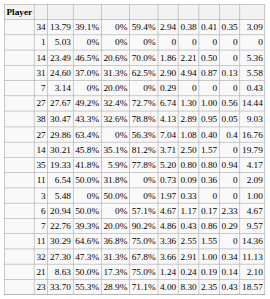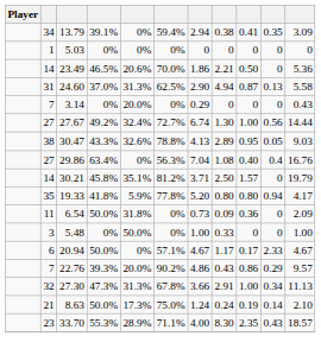 <table class="wikitable sortable" style="font-size:95%; text-align:right;">
 <tr>
 <th>Player</th>
 <th></th>
 <th></th>
 <th></th>
 <th></th>
 <th></th>
 <th></th>
 <th></th>
 <th></th>
 <th></th>
 <th></th>
 </tr>
 <tr>
 <td></td>
 <td>34</td>
 <td>13.79</td>
 <td>39.1%</td>
 <td>0%</td>
 <td>59.4%</td>
 <td>2.94</td>
 <td>0.38</td>
 <td>0.41</td>
 <td>0.35</td>
 <td>3.09</td>
 </tr>
 <tr>
 <td></td>
 <td>1</td>
 <td>5.03</td>
 <td>0%</td>
 <td>0%</td>
 <td>0%</td>
 <td>0</td>
 <td>0</td>
 <td>0</td>
 <td>0</td>
 <td>0</td>
 </tr>
 <tr>
 <td></td>
 <td>14</td>
 <td>23.49</td>
 <td>46.5%</td>
 <td>20.6%</td>
 <td>70.0%</td>
 <td>1.86</td>
 <td>2.21</td>
 <td>0.50</td>
 <td>0</td>
 <td>5.36</td>
 </tr>
 <tr>
 <td></td>
 <td>31</td>
 <td>24.60</td>
 <td>37.0%</td>
 <td>31.3%</td>
 <td>62.5%</td>
 <td>2.90</td>
 <td>4.94</td>
 <td>0.87</td>
 <td>0.13</td>
 <td>5.58</td>
 </tr>
 <tr>
 <td></td>
 <td>7</td>
 <td>3.14</td>
 <td>0%</td>
 <td>20.0%</td>
 <td>0%</td>
 <td>0.29</td>
 <td>0</td>
 <td>0</td>
 <td>0</td>
 <td>0.43</td>
 </tr>
 <tr>
 <td></td>
 <td>27</td>
 <td>27.67</td>
 <td>49.2%</td>
 <td>32.4%</td>
 <td>72.7%</td>
 <td>6.74</td>
 <td>1.30</td>
 <td>1.00</td>
 <td>0.56</td>
 <td>14.44</td>
 </tr>
 <tr>
 <td></td>
 <td>38</td>
 <td>30.47</td>
 <td>43.3%</td>
 <td>32.6%</td>
 <td>78.8%</td>
 <td>4.13</td>
 <td>2.89</td>
 <td>0.95</td>
 <td>0.05</td>
 <td>9.03</td>
 </tr>
 <tr>
 <td></td>
 <td>27</td>
 <td>29.86</td>
 <td>63.4%</td>
 <td>0%</td>
 <td>56.3%</td>
 <td>7.04</td>
 <td>1.08</td>
 <td>0.40</td>
 <td>0.4</td>
 <td>16.76</td>
 </tr>
 <tr>
 <td></td>
 <td>14</td>
 <td>30.21</td>
 <td>45.8%</td>
 <td>35.1%</td>
 <td>81.2%</td>
 <td>3.71</td>
 <td>2.50</td>
 <td>1.57</td>
 <td>0</td>
 <td>19.79</td>
 </tr>
 <tr>
 <td></td>
 <td>35</td>
 <td>19.33</td>
 <td>41.8%</td>
 <td>5.9%</td>
 <td>77.8%</td>
 <td>5.20</td>
 <td>0.80</td>
 <td>0.80</td>
 <td>0.94</td>
 <td>4.17</td>
 </tr>
 <tr>
 <td></td>
 <td>11</td>
 <td>6.54</td>
 <td>50.0%</td>
 <td>31.8%</td>
 <td>0%</td>
 <td>0.73</td>
 <td>0.09</td>
 <td>0.36</td>
 <td>0</td>
 <td>2.09</td>
 </tr>
 <tr>
 <td></td>
 <td>3</td>
 <td>5.48</td>
 <td>0%</td>
 <td>50.0%</td>
 <td>0%</td>
-<td>1.97</td>
+<td>1.00</td>
 <td>0.33</td>
 <td>0</td>
 <td>0</td>
 <td>1.00</td>
 </tr>
 <tr>
 <td></td>
 <td>6</td>
 <td>20.94</td>
 <td>50.0%</td>
 <td>0%</td>
 <td>57.1%</td>
 <td>4.67</td>
 <td>1.17</td>
 <td>0.17</td>
 <td>2.33</td>
 <td>4.67</td>
 </tr>
 <tr>
 <td></td>
 <td>7</td>
 <td>22.76</td>
 <td>39.3%</td>
 <td>20.0%</td>
 <td>90.2%</td>
 <td>4.86</td>
 <td>0.43</td>
 <td>0.86</td>
 <td>0.29</td>
 <td>9.57</td>
-</tr>
-<tr>
-<td></td>
-<td>11</td>
-<td>30.29</td>
-<td>64.6%</td>
-<td>36.8%</td>
-<td>75.0%</td>
-<td>3.36</td>
-<td>2.55</td>
-<td>1.55</td>
-<td>0</td>
-<td>14.36</td>
 </tr>
 <tr>
 <td></td>
 <td>32</td>
 <td>27.30</td>
 <td>47.3%</td>
 <td>31.3%</td>
 <td>67.8%</td>
 <td>3.66</td>
 <td>2.91</td>
 <td>1.00</td>
 <td>0.34</td>
 <td>11.13</td>
 </tr>
 <tr>
 <td></td>
 <td>21</td>
 <td>8.63</td>
 <td>50.0%</td>
 <td>17.3%</td>
 <td>75.0%</td>
 <td>1.24</td>
 <td>0.24</td>
 <td>0.19</td>
 <td>0.14</td>
 <td>2.10</td>
 </tr>
 <tr>
 <td></td>
 <td>23</td>
 <td>33.70</td>
 <td>55.3%</td>
 <td>28.9%</td>
 <td>71.1%</td>
 <td>4.00</td>
 <td>8.30</td>
 <td>2.35</td>
 <td>0.43</td>
 <td>18.57</td>
 </tr>
 <tr>
 </tr>
 </table>
